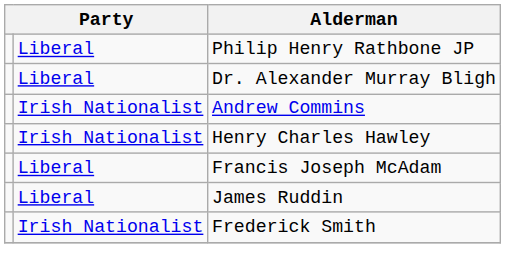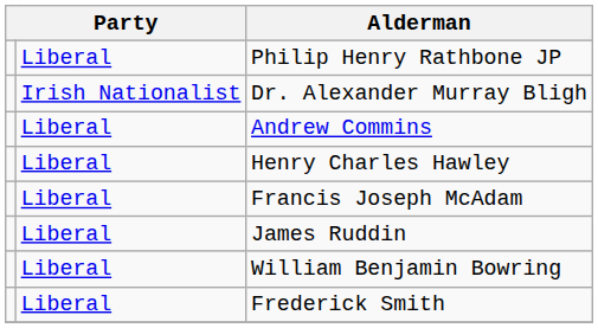 <table class="wikitable">
 <tr>
 <th colspan="2">Party</th>
 <th>Alderman</th>
 </tr>
 <tr>
 <td style="background-color:"></td>
 <td><a href='#'>Liberal</a></td>
 <td>Philip Henry Rathbone JP</td>
 </tr>
 <tr>
 <td style="background-color:"></td>
-<td><a href='#'>Liberal</a></td>
+<td><a href='#'>Irish Nationalist</a></td>
 <td>Dr. Alexander Murray Bligh</td>
 </tr>
 <tr>
 <td style="background-color:"></td>
-<td><a href='#'>Irish Nationalist</a></td>
+<td><a href='#'>Liberal</a></td>
 <td><a href='#'>Andrew Commins</a></td>
 </tr>
 <tr>
 <td style="background-color:"></td>
-<td><a href='#'>Irish Nationalist</a></td>
+<td><a href='#'>Liberal</a></td>
 <td>Henry Charles Hawley</td>
 </tr>
 <tr>
 <td style="background-color:"></td>
 <td><a href='#'>Liberal</a></td>
 <td>Francis Joseph McAdam</td>
 </tr>
 <tr>
 <td style="background-color:"></td>
 <td><a href='#'>Liberal</a></td>
 <td>James Ruddin</td>
 </tr>
 <tr>
 <td style="background-color:"></td>
-<td><a href='#'>Irish Nationalist</a></td>
+<td><a href='#'>Liberal</a></td>
+<td>William Benjamin Bowring</td>
+</tr>
+<tr>
+<td style="background-color:"></td>
+<td><a href='#'>Liberal</a></td>
 <td>Frederick Smith</td>
 </tr>
 <tr>
 </tr>
 </table>
